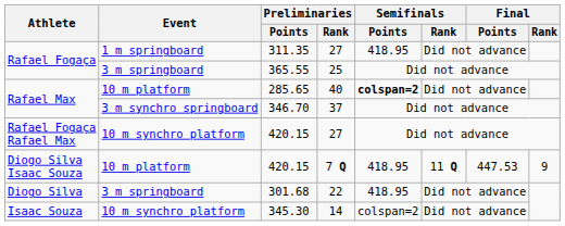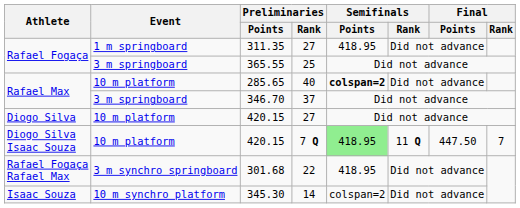 <table class="wikitable" style="text-align:center; font-size:90%;">
 <tr>
 <th rowspan=2>Athlete</th>
 <th rowspan=2>Event</th>
 <th colspan=2>Preliminaries</th>
 <th colspan=2>Semifinals</th>
 <th colspan=2>Final</th>
 </tr>
 <tr style="font-size:95%">
 <th>Points</th>
 <th>Rank</th>
 <th>Points</th>
 <th>Rank</th>
 <th>Points</th>
 <th>Rank</th>
 </tr>
 <tr>
 <td align=left rowspan=2><a href='#'>Rafael Fogaça</a></td>
 <td align=left><a href='#'>1 m springboard</a></td>
 <td>311.35</td>
 <td>27</td>
 <td>418.95</td>
 <td colspan=2>Did not advance</td>
 </tr>
 <tr>
 <td align=left><a href='#'>3 m springboard</a></td>
 <td>365.55</td>
 <td>25</td>
 <td colspan=4>Did not advance</td>
 </tr>
 <tr>
 <td align=left rowspan=2><a href='#'>Rafael Max</a></td>
 <td align=left><a href='#'>10 m platform</a></td>
 <td>285.65</td>
 <td>40</td>
 <td><strong>colspan=2 </strong></td>
 <td colspan=2>Did not advance</td>
 </tr>
 <tr>
-<td align=left><a href='#'>3 m synchro springboard</a></td>
+<td align=left><a href='#'>3 m springboard</a></td>
 <td>346.70</td>
 <td>37</td>
 <td colspan=4>Did not advance</td>
 </tr>
 <tr>
-<td align=left><a href='#'>Rafael Fogaça</a><br> <a href='#'>Rafael Max</a></td>
-<td align=left><a href='#'>10 m synchro platform</a></td>
+<td align=left><a href='#'>Diogo Silva</a></td>
+<td align=left><a href='#'>10 m platform</a></td>
 <td>420.15</td>
 <td>27</td>
 <td colspan=4>Did not advance</td>
 </tr>
 <tr>
 <td align=left><a href='#'>Diogo Silva</a><br> <a href='#'>Isaac Souza</a></td>
 <td align=left><a href='#'>10 m platform</a></td>
 <td>420.15</td>
 <td>7 <strong>Q</strong></td>
-<td>418.95</td>
+<td style="background: lightgreen;">418.95</td>
 <td>11 <strong>Q</strong></td>
-<td>447.53</td>
-<td>9</td>
+<td>447.50</td>
+<td>7</td>
 </tr>
 <tr>
-<td align=left><a href='#'>Diogo Silva</a></td>
-<td align=left><a href='#'>3 m springboard</a></td>
+<td align=left><a href='#'>Rafael Fogaça</a><br> <a href='#'>Rafael Max</a></td>
+<td align=left><a href='#'>3 m synchro springboard</a></td>
 <td>301.68</td>
 <td>22</td>
 <td>418.95</td>
 <td colspan=2>Did not advance</td>
 </tr>
 <tr>
 <td align=left><a href='#'>Isaac Souza</a></td>
 <td align=left><a href='#'>10 m synchro platform</a></td>
 <td>345.30</td>
 <td>14</td>
 <td>colspan=2 </td>
 <td colspan=2>Did not advance</td>
 </tr>
 </table>
